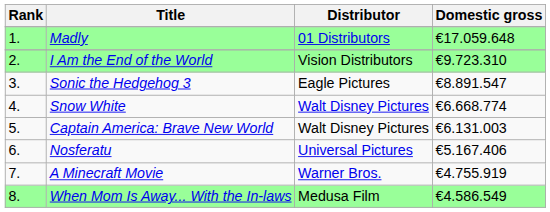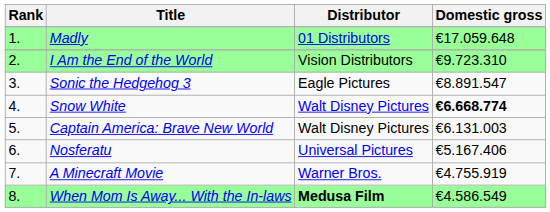 <table class="wikitable sortable" style="margin:auto; margin:auto;">
 <tr>
 <th>Rank</th>
 <th>Title</th>
 <th>Distributor</th>
 <th>Domestic gross</th>
 </tr>
 <tr>
 </tr>
 <tr style="background:#99FF99;">
 <td>1.</td>
 <td><em><a href='#'>Madly</a></em></td>
 <td><a href='#'>01 Distributors</a></td>
 <td>€17.059.648</td>
 </tr>
 <tr>
 </tr>
 <tr style="background:#99FF99;">
 <td>2.</td>
 <td><em><a href='#'>I Am the End of the World</a></em></td>
 <td>Vision Distributors</td>
 <td>€9.723.310</td>
 </tr>
 <tr>
 <td>3.</td>
 <td><em><a href='#'>Sonic the Hedgehog 3</a></em></td>
 <td>Eagle Pictures</td>
 <td>€8.891.547</td>
 </tr>
 <tr>
 <td>4.</td>
 <td><em><a href='#'>Snow White</a></em></td>
 <td><a href='#'>Walt Disney Pictures</a></td>
-<td>€6.668.774</td>
+<td><strong>€6.668.774</strong></td>
 </tr>
 <tr>
 <td>5.</td>
 <td><em><a href='#'>Captain America: Brave New World</a></em></td>
 <td>Walt Disney Pictures</td>
 <td>€6.131.003</td>
 </tr>
 <tr>
 <td>6.</td>
 <td><em><a href='#'>Nosferatu</a></em></td>
 <td><a href='#'>Universal Pictures</a></td>
 <td>€5.167.406</td>
 </tr>
 <tr>
 <td>7.</td>
 <td><em><a href='#'>A Minecraft Movie</a></em></td>
 <td><a href='#'>Warner Bros.</a></td>
 <td>€4.755.919</td>
 </tr>
 <tr style="background:#99FF99;">
 <td>8.</td>
 <td><em><a href='#'>When Mom Is Away... With the In-laws</a></em></td>
-<td>Medusa Film</td>
+<td><strong>Medusa Film</strong></td>
 <td>€4.586.549</td>
 </tr>
 </table>
